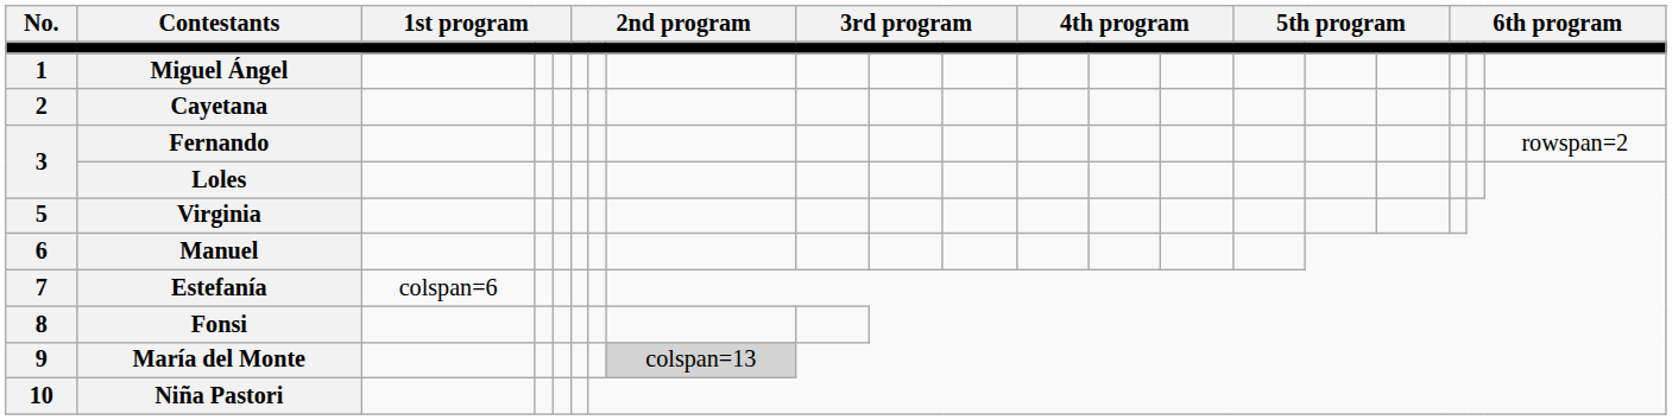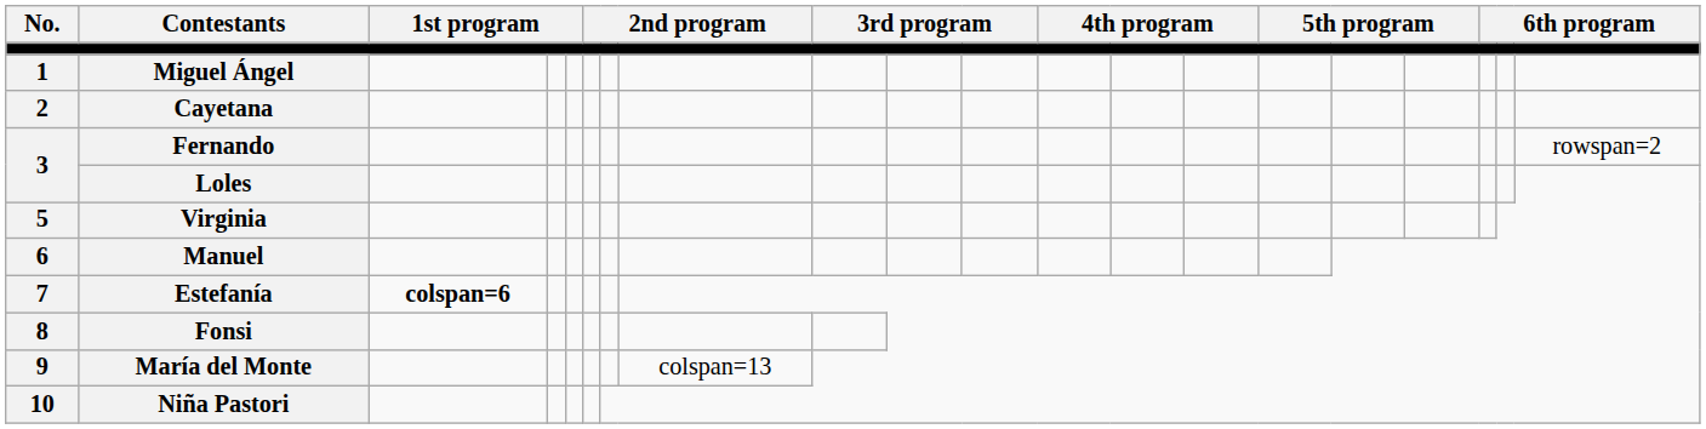 <table class="wikitable" style="text-align:center; width:999px; font-size:90%; line-height:15px">
 <tr>
 <th>No.</th>
 <th>Contestants</th>
 <th colspan=3>1st program</th>
 <th colspan=3>2nd program</th>
 <th colspan=3>3rd program</th>
 <th colspan=3>4th program</th>
 <th colspan=3>5th program</th>
 <th colspan=3>6th program</th>
 </tr>
 <tr>
 <td style="background:black" colspan=20></td>
 </tr>
 <tr>
 <th>1</th>
 <th>Miguel Ángel</th>
 <td></td>
 <td></td>
 <td></td>
 <td></td>
 <td></td>
 <td></td>
 <td></td>
 <td></td>
 <td></td>
 <td></td>
 <td></td>
 <td></td>
 <td></td>
 <td></td>
 <td></td>
 <td></td>
 <td></td>
 <td></td>
 </tr>
 <tr>
 <th>2</th>
 <th>Cayetana</th>
 <td></td>
 <td></td>
 <td></td>
 <td></td>
 <td></td>
 <td></td>
 <td></td>
 <td></td>
 <td></td>
 <td></td>
 <td></td>
 <td></td>
 <td></td>
 <td></td>
 <td></td>
 <td></td>
 <td></td>
 <td></td>
 </tr>
 <tr>
 <th rowspan=2>3</th>
 <th>Fernando</th>
 <td></td>
 <td></td>
 <td></td>
 <td></td>
 <td></td>
 <td></td>
 <td></td>
 <td></td>
 <td></td>
 <td></td>
 <td></td>
 <td></td>
 <td></td>
 <td></td>
 <td></td>
 <td></td>
 <td></td>
 <td>rowspan=2 </td>
 </tr>
 <tr>
 <th>Loles</th>
 <td></td>
 <td></td>
 <td></td>
 <td></td>
 <td></td>
 <td></td>
 <td></td>
 <td></td>
 <td></td>
 <td></td>
 <td></td>
 <td></td>
 <td></td>
 <td></td>
 <td></td>
 <td></td>
 <td></td>
 </tr>
 <tr>
 <th>5</th>
 <th>Virginia</th>
 <td></td>
 <td></td>
 <td></td>
 <td></td>
 <td></td>
 <td></td>
 <td></td>
 <td></td>
 <td></td>
 <td></td>
 <td></td>
 <td></td>
 <td></td>
 <td></td>
 <td></td>
 <td></td>
 </tr>
 <tr>
 <th>6</th>
 <th>Manuel</th>
 <td></td>
 <td></td>
 <td></td>
 <td></td>
 <td></td>
 <td></td>
 <td></td>
 <td></td>
 <td></td>
 <td></td>
 <td></td>
 <td></td>
 <td></td>
 </tr>
 <tr>
 <th>7</th>
 <th>Estefanía</th>
-<td>colspan=6 </td>
+<td><strong>colspan=6 </strong></td>
 <td></td>
 <td></td>
 <td></td>
 <td></td>
 </tr>
 <tr>
 <th>8</th>
 <th>Fonsi</th>
 <td></td>
 <td></td>
 <td></td>
 <td></td>
 <td></td>
 <td></td>
 <td></td>
 </tr>
 <tr>
 <th>9</th>
 <th>María del Monte</th>
 <td></td>
 <td></td>
 <td></td>
 <td></td>
 <td></td>
-<td style="background: lightgrey;">colspan=13 </td>
+<td>colspan=13 </td>
 </tr>
 <tr>
 <th>10</th>
 <th>Niña Pastori</th>
 <td></td>
 <td></td>
 <td></td>
 <td></td>
 </tr>
 </table>
